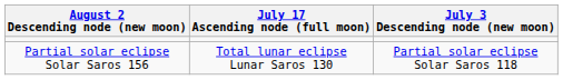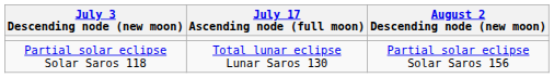 <table class="wikitable">
 <tr>
+<th><a href='#'>July 3</a><br>Descending node (new moon)<br></th>
+<th><a href='#'>July 17</a><br>Ascending node (full moon)<br></th>
 <th><a href='#'>August 2</a><br>Descending node (new moon)<br></th>
-<th><a href='#'>July 17</a><br>Ascending node (full moon)<br></th>
-<th><a href='#'>July 3</a><br>Descending node (new moon)<br></th>
 </tr>
 <tr>
 <td></td>
 <td></td>
 <td></td>
 </tr>
 <tr align=center>
+<td><a href='#'>Partial solar eclipse</a><br>Solar Saros 118</td>
+<td><a href='#'>Total lunar eclipse</a><br>Lunar Saros 130</td>
 <td><a href='#'>Partial solar eclipse</a><br>Solar Saros 156</td>
-<td><a href='#'>Total lunar eclipse</a><br>Lunar Saros 130</td>
-<td><a href='#'>Partial solar eclipse</a><br>Solar Saros 118</td>
 </tr>
 </table>
